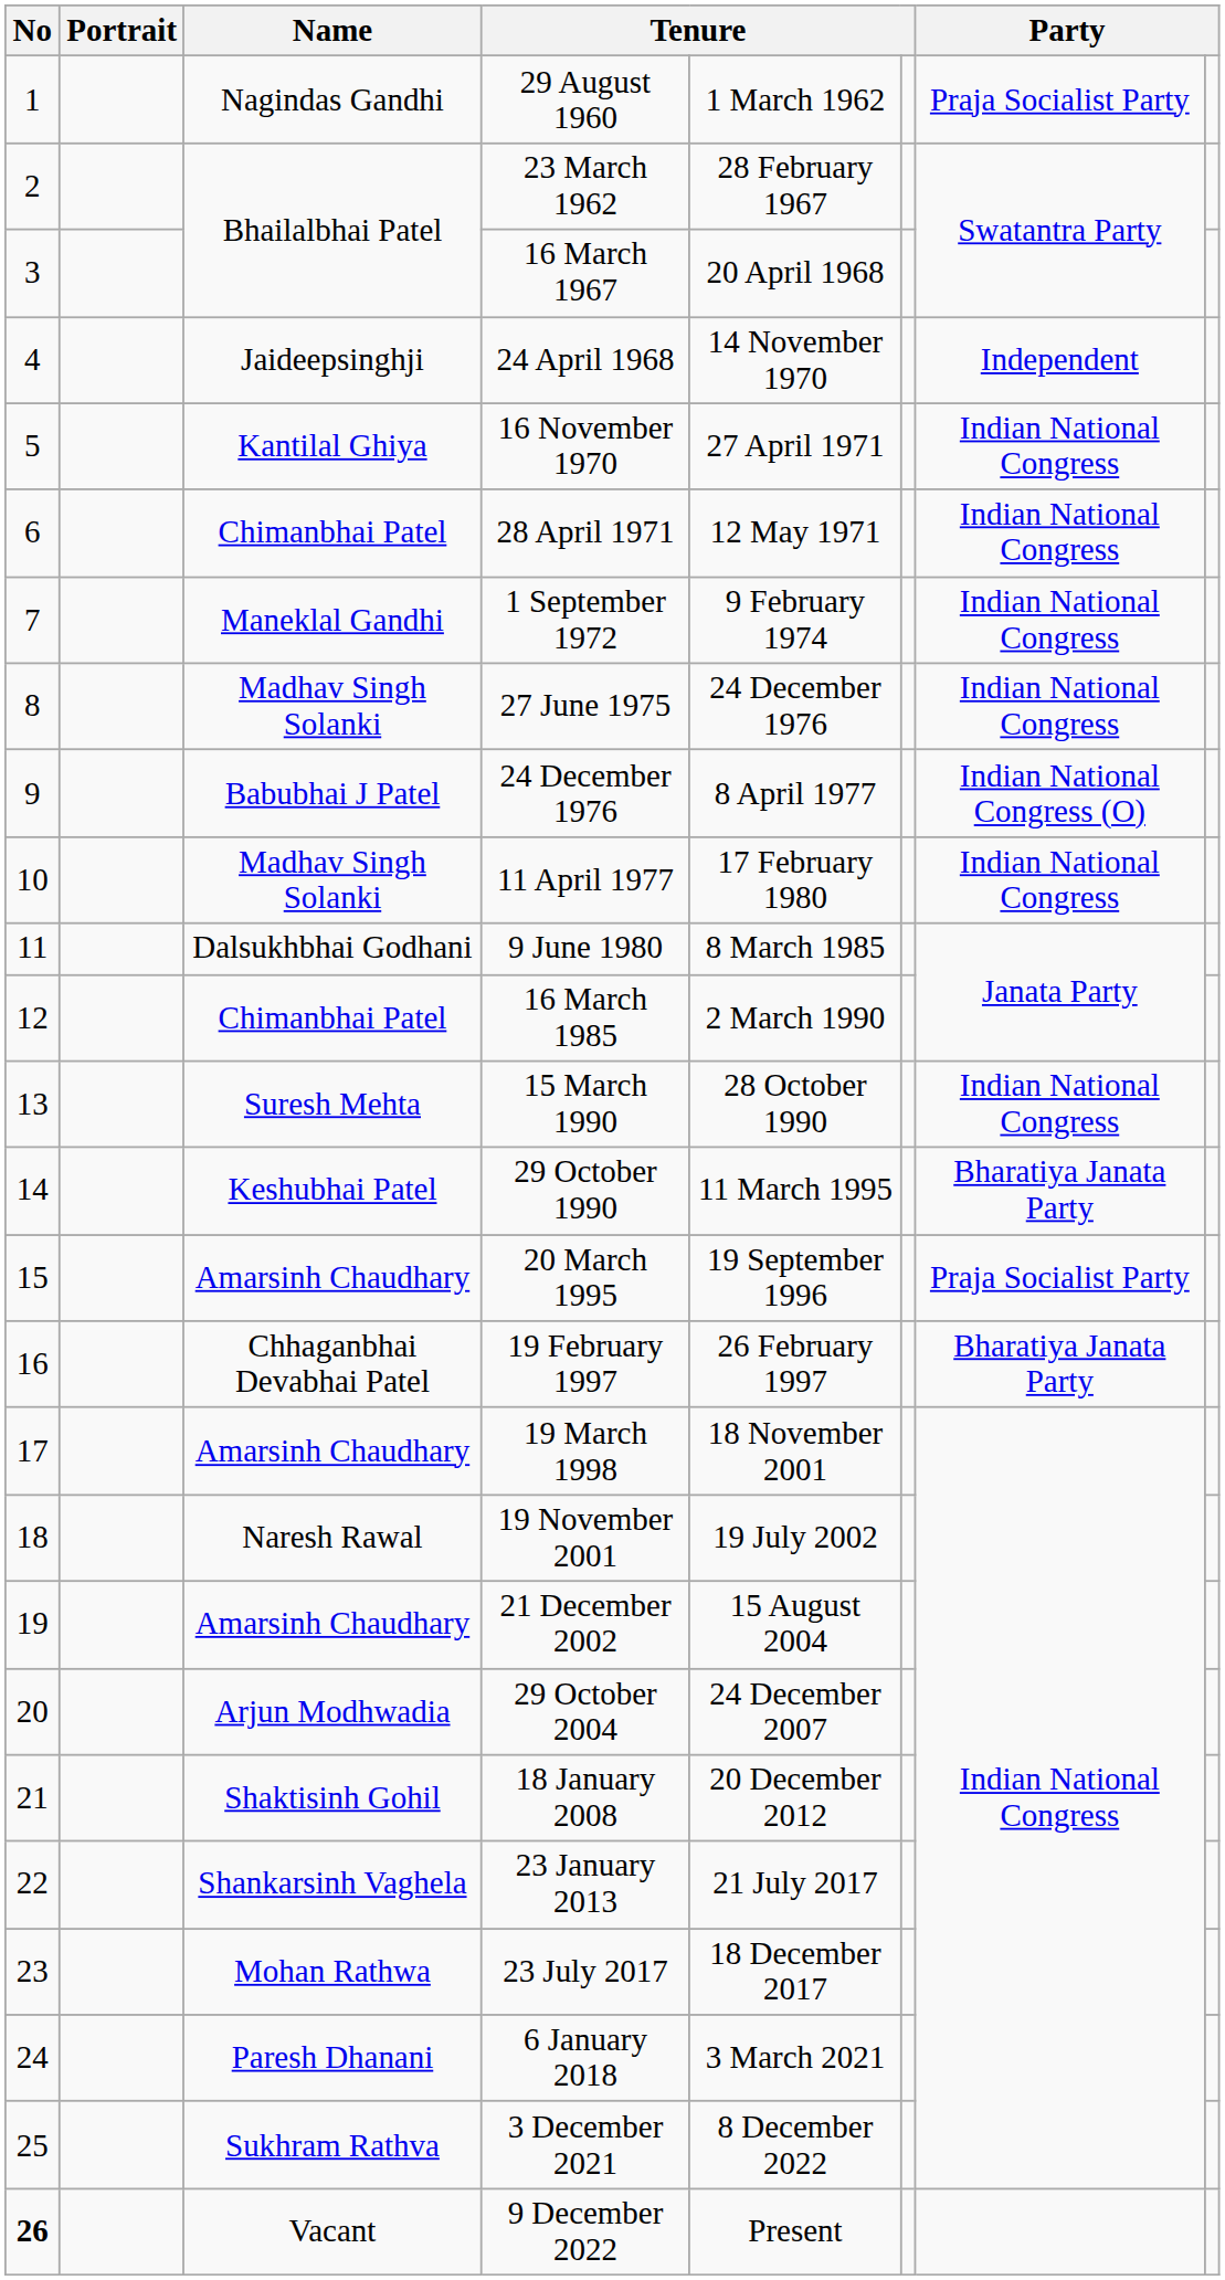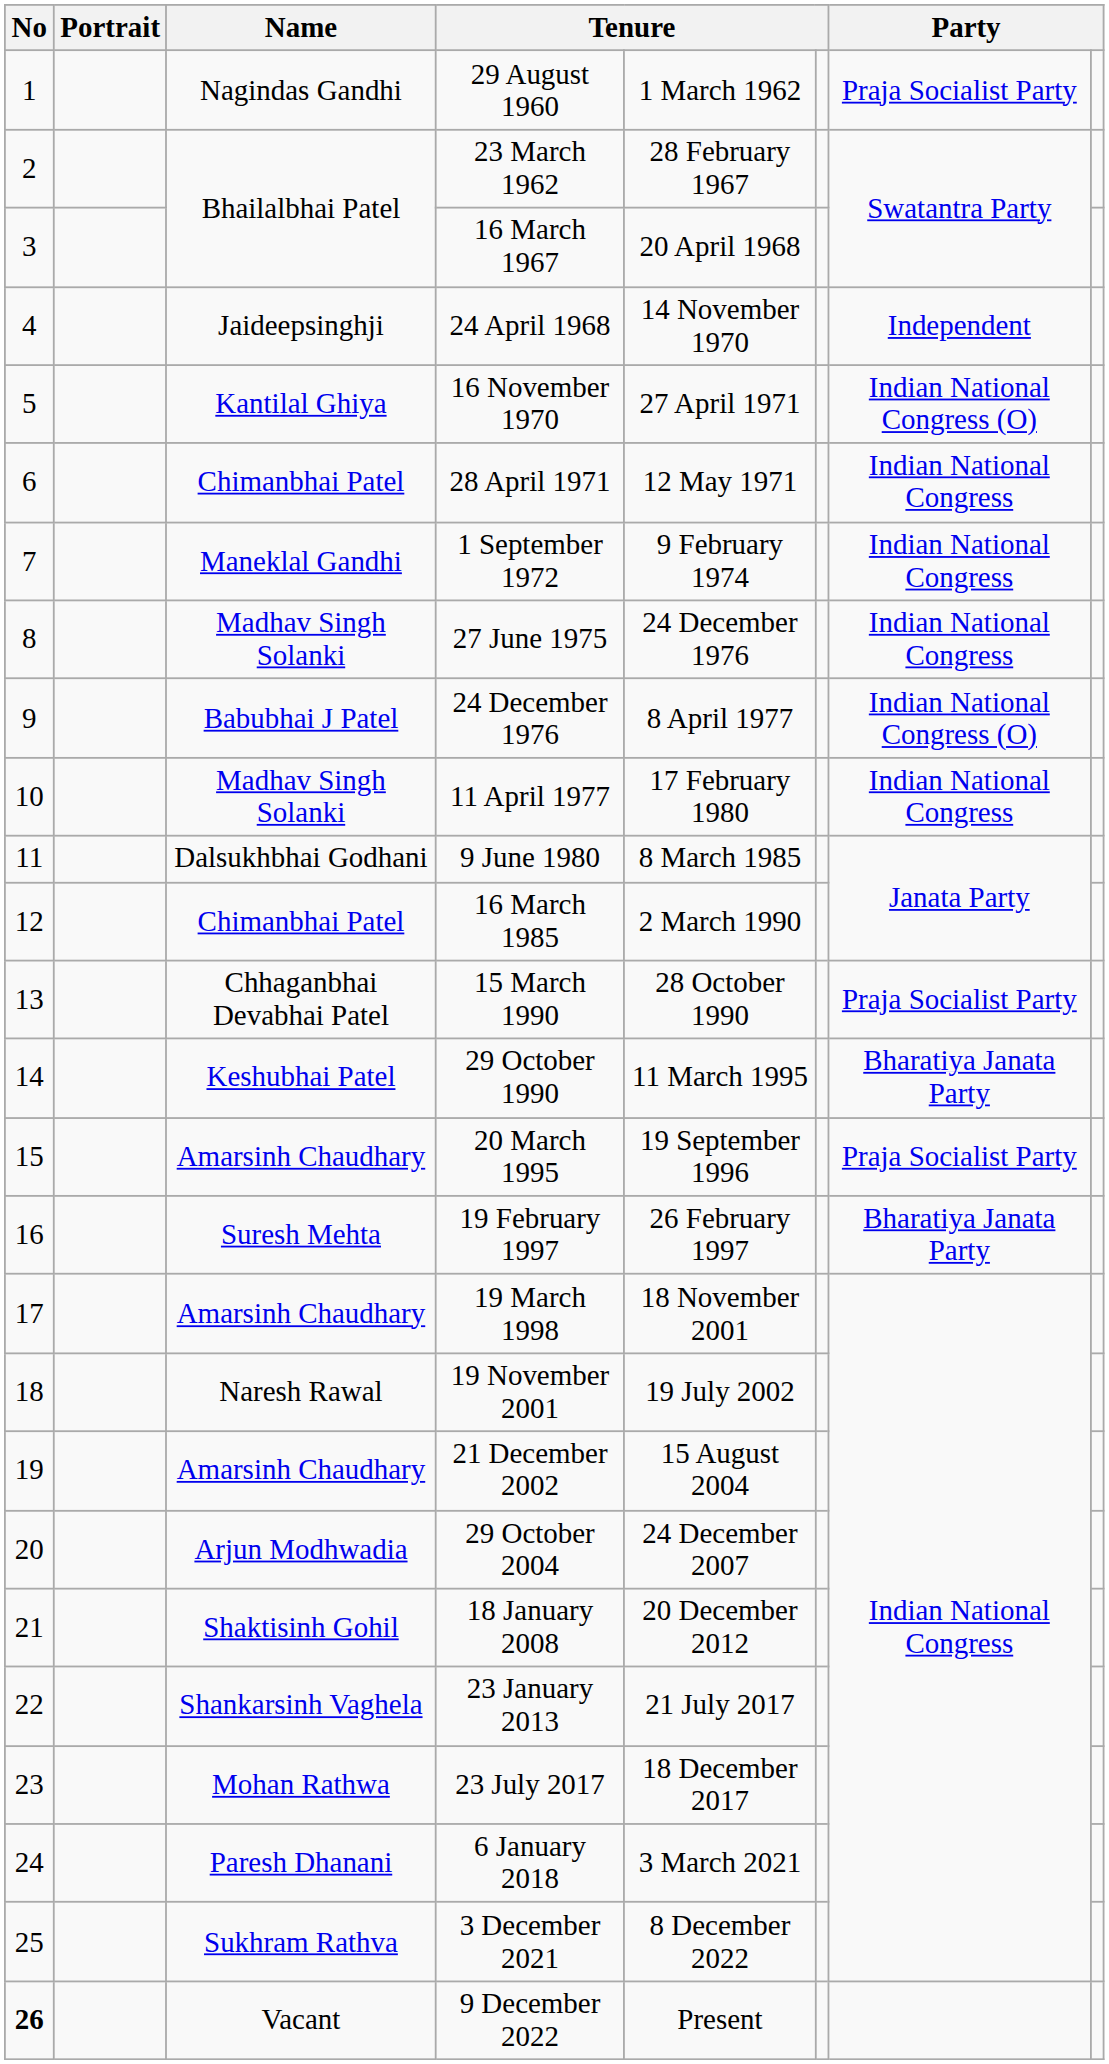 <table class="wikitable" style="text-align:center;">
 <tr>
 <th>No</th>
 <th>Portrait</th>
 <th>Name</th>
 <th colspan="3">Tenure</th>
 <th colspan="2">Party</th>
 </tr>
 <tr>
 <td>1</td>
 <td></td>
 <td>Nagindas Gandhi</td>
 <td>29 August 1960</td>
 <td>1 March 1962</td>
 <td></td>
 <td><a href='#'>Praja Socialist Party</a></td>
 <td></td>
 </tr>
 <tr>
 <td>2</td>
 <td></td>
 <td rowspan="2">Bhailalbhai Patel</td>
 <td>23 March 1962</td>
 <td>28 February 1967</td>
 <td></td>
 <td rowspan="2"><a href='#'>Swatantra Party</a></td>
 <td></td>
 </tr>
 <tr>
 <td>3</td>
 <td></td>
 <td>16 March 1967</td>
 <td>20 April 1968</td>
 <td></td>
 <td></td>
 </tr>
 <tr>
 <td>4</td>
 <td></td>
 <td>Jaideepsinghji</td>
 <td>24 April 1968</td>
 <td>14 November 1970</td>
 <td></td>
 <td><a href='#'>Independent</a></td>
 <td></td>
 </tr>
 <tr>
 <td>5</td>
 <td></td>
 <td><a href='#'>Kantilal Ghiya</a></td>
 <td>16 November 1970</td>
 <td>27 April 1971</td>
 <td></td>
-<td><a href='#'>Indian National Congress</a></td>
+<td><a href='#'>Indian National Congress (O)</a></td>
 <td></td>
 </tr>
 <tr>
 <td>6</td>
 <td></td>
 <td><a href='#'>Chimanbhai Patel</a></td>
 <td>28 April 1971</td>
 <td>12 May 1971</td>
 <td></td>
 <td><a href='#'>Indian National Congress</a></td>
 <td></td>
 </tr>
 <tr>
 <td>7</td>
 <td></td>
 <td><a href='#'>Maneklal Gandhi</a></td>
 <td>1 September 1972</td>
 <td>9 February 1974</td>
 <td></td>
 <td><a href='#'>Indian National Congress</a></td>
 <td></td>
 </tr>
 <tr>
 <td>8</td>
 <td></td>
 <td><a href='#'>Madhav Singh Solanki</a></td>
 <td>27 June 1975</td>
 <td>24 December 1976</td>
 <td></td>
 <td><a href='#'>Indian National Congress</a></td>
 <td></td>
 </tr>
 <tr>
 <td>9</td>
 <td></td>
 <td><a href='#'>Babubhai J Patel</a></td>
 <td>24 December 1976</td>
 <td>8 April 1977</td>
 <td></td>
 <td><a href='#'>Indian National Congress (O)</a></td>
 <td></td>
 </tr>
 <tr>
 <td>10</td>
 <td></td>
 <td><a href='#'>Madhav Singh Solanki</a></td>
 <td>11 April 1977</td>
 <td>17 February 1980</td>
 <td></td>
 <td><a href='#'>Indian National Congress</a></td>
 <td></td>
 </tr>
 <tr>
 <td>11</td>
 <td></td>
 <td>Dalsukhbhai Godhani</td>
 <td>9 June 1980</td>
 <td>8 March 1985</td>
 <td></td>
 <td rowspan="2"><a href='#'>Janata Party</a></td>
 <td></td>
 </tr>
 <tr>
 <td>12</td>
 <td></td>
 <td><a href='#'>Chimanbhai Patel</a></td>
 <td>16 March 1985</td>
 <td>2 March 1990</td>
 <td></td>
 <td></td>
 </tr>
 <tr>
 <td>13</td>
 <td></td>
-<td><a href='#'>Suresh Mehta</a></td>
+<td>Chhaganbhai Devabhai Patel</td>
 <td>15 March 1990</td>
 <td>28 October 1990</td>
 <td></td>
-<td><a href='#'>Indian National Congress</a></td>
+<td><a href='#'>Praja Socialist Party</a></td>
 <td></td>
 </tr>
 <tr>
 <td>14</td>
 <td></td>
 <td><a href='#'>Keshubhai Patel</a></td>
 <td>29 October 1990</td>
 <td>11 March 1995</td>
 <td></td>
 <td><a href='#'>Bharatiya Janata Party</a></td>
 <td></td>
 </tr>
 <tr>
 <td>15</td>
 <td></td>
 <td><a href='#'>Amarsinh Chaudhary</a></td>
 <td>20 March 1995</td>
 <td>19 September 1996</td>
 <td></td>
 <td><a href='#'>Praja Socialist Party</a></td>
 <td></td>
 </tr>
 <tr>
 <td>16</td>
 <td></td>
-<td>Chhaganbhai Devabhai Patel</td>
+<td><a href='#'>Suresh Mehta</a></td>
 <td>19 February 1997</td>
 <td>26 February 1997</td>
 <td></td>
 <td><a href='#'>Bharatiya Janata Party</a></td>
 <td></td>
 </tr>
 <tr>
 <td>17</td>
 <td></td>
 <td><a href='#'>Amarsinh Chaudhary</a></td>
 <td>19 March 1998</td>
 <td>18 November 2001</td>
 <td></td>
 <td rowspan="9"><a href='#'>Indian National Congress</a></td>
 <td></td>
 </tr>
 <tr>
 <td>18</td>
 <td></td>
 <td>Naresh Rawal</td>
 <td>19 November 2001</td>
 <td>19 July 2002</td>
 <td></td>
 <td></td>
 </tr>
 <tr>
 <td>19</td>
 <td></td>
 <td><a href='#'>Amarsinh Chaudhary</a></td>
 <td>21 December 2002</td>
 <td>15 August 2004</td>
 <td></td>
 <td></td>
 </tr>
 <tr>
 <td>20</td>
 <td></td>
 <td><a href='#'>Arjun Modhwadia</a></td>
 <td>29 October 2004</td>
 <td>24 December 2007</td>
 <td></td>
 <td></td>
 </tr>
 <tr>
 <td>21</td>
 <td></td>
 <td><a href='#'>Shaktisinh Gohil</a></td>
 <td>18 January 2008</td>
 <td>20 December 2012</td>
 <td></td>
 <td></td>
 </tr>
 <tr>
 <td>22</td>
 <td></td>
 <td><a href='#'>Shankarsinh Vaghela</a></td>
 <td>23 January 2013</td>
 <td>21 July 2017</td>
 <td></td>
 <td></td>
 </tr>
 <tr>
 <td>23</td>
 <td></td>
 <td><a href='#'>Mohan Rathwa</a></td>
 <td>23 July 2017</td>
 <td>18 December 2017</td>
 <td></td>
 <td></td>
 </tr>
 <tr>
 <td>24</td>
 <td></td>
 <td><a href='#'>Paresh Dhanani</a></td>
 <td>6 January 2018</td>
 <td>3 March 2021</td>
 <td></td>
 <td></td>
 </tr>
 <tr>
 <td>25</td>
 <td></td>
 <td><a href='#'>Sukhram Rathva</a></td>
 <td>3 December 2021</td>
 <td>8 December 2022</td>
 <td></td>
 <td></td>
 </tr>
 <tr>
 <td><strong>26</strong></td>
 <td></td>
 <td>Vacant</td>
 <td>9 December 2022</td>
 <td>Present</td>
 <td></td>
 <td></td>
 </tr>
 </table>
